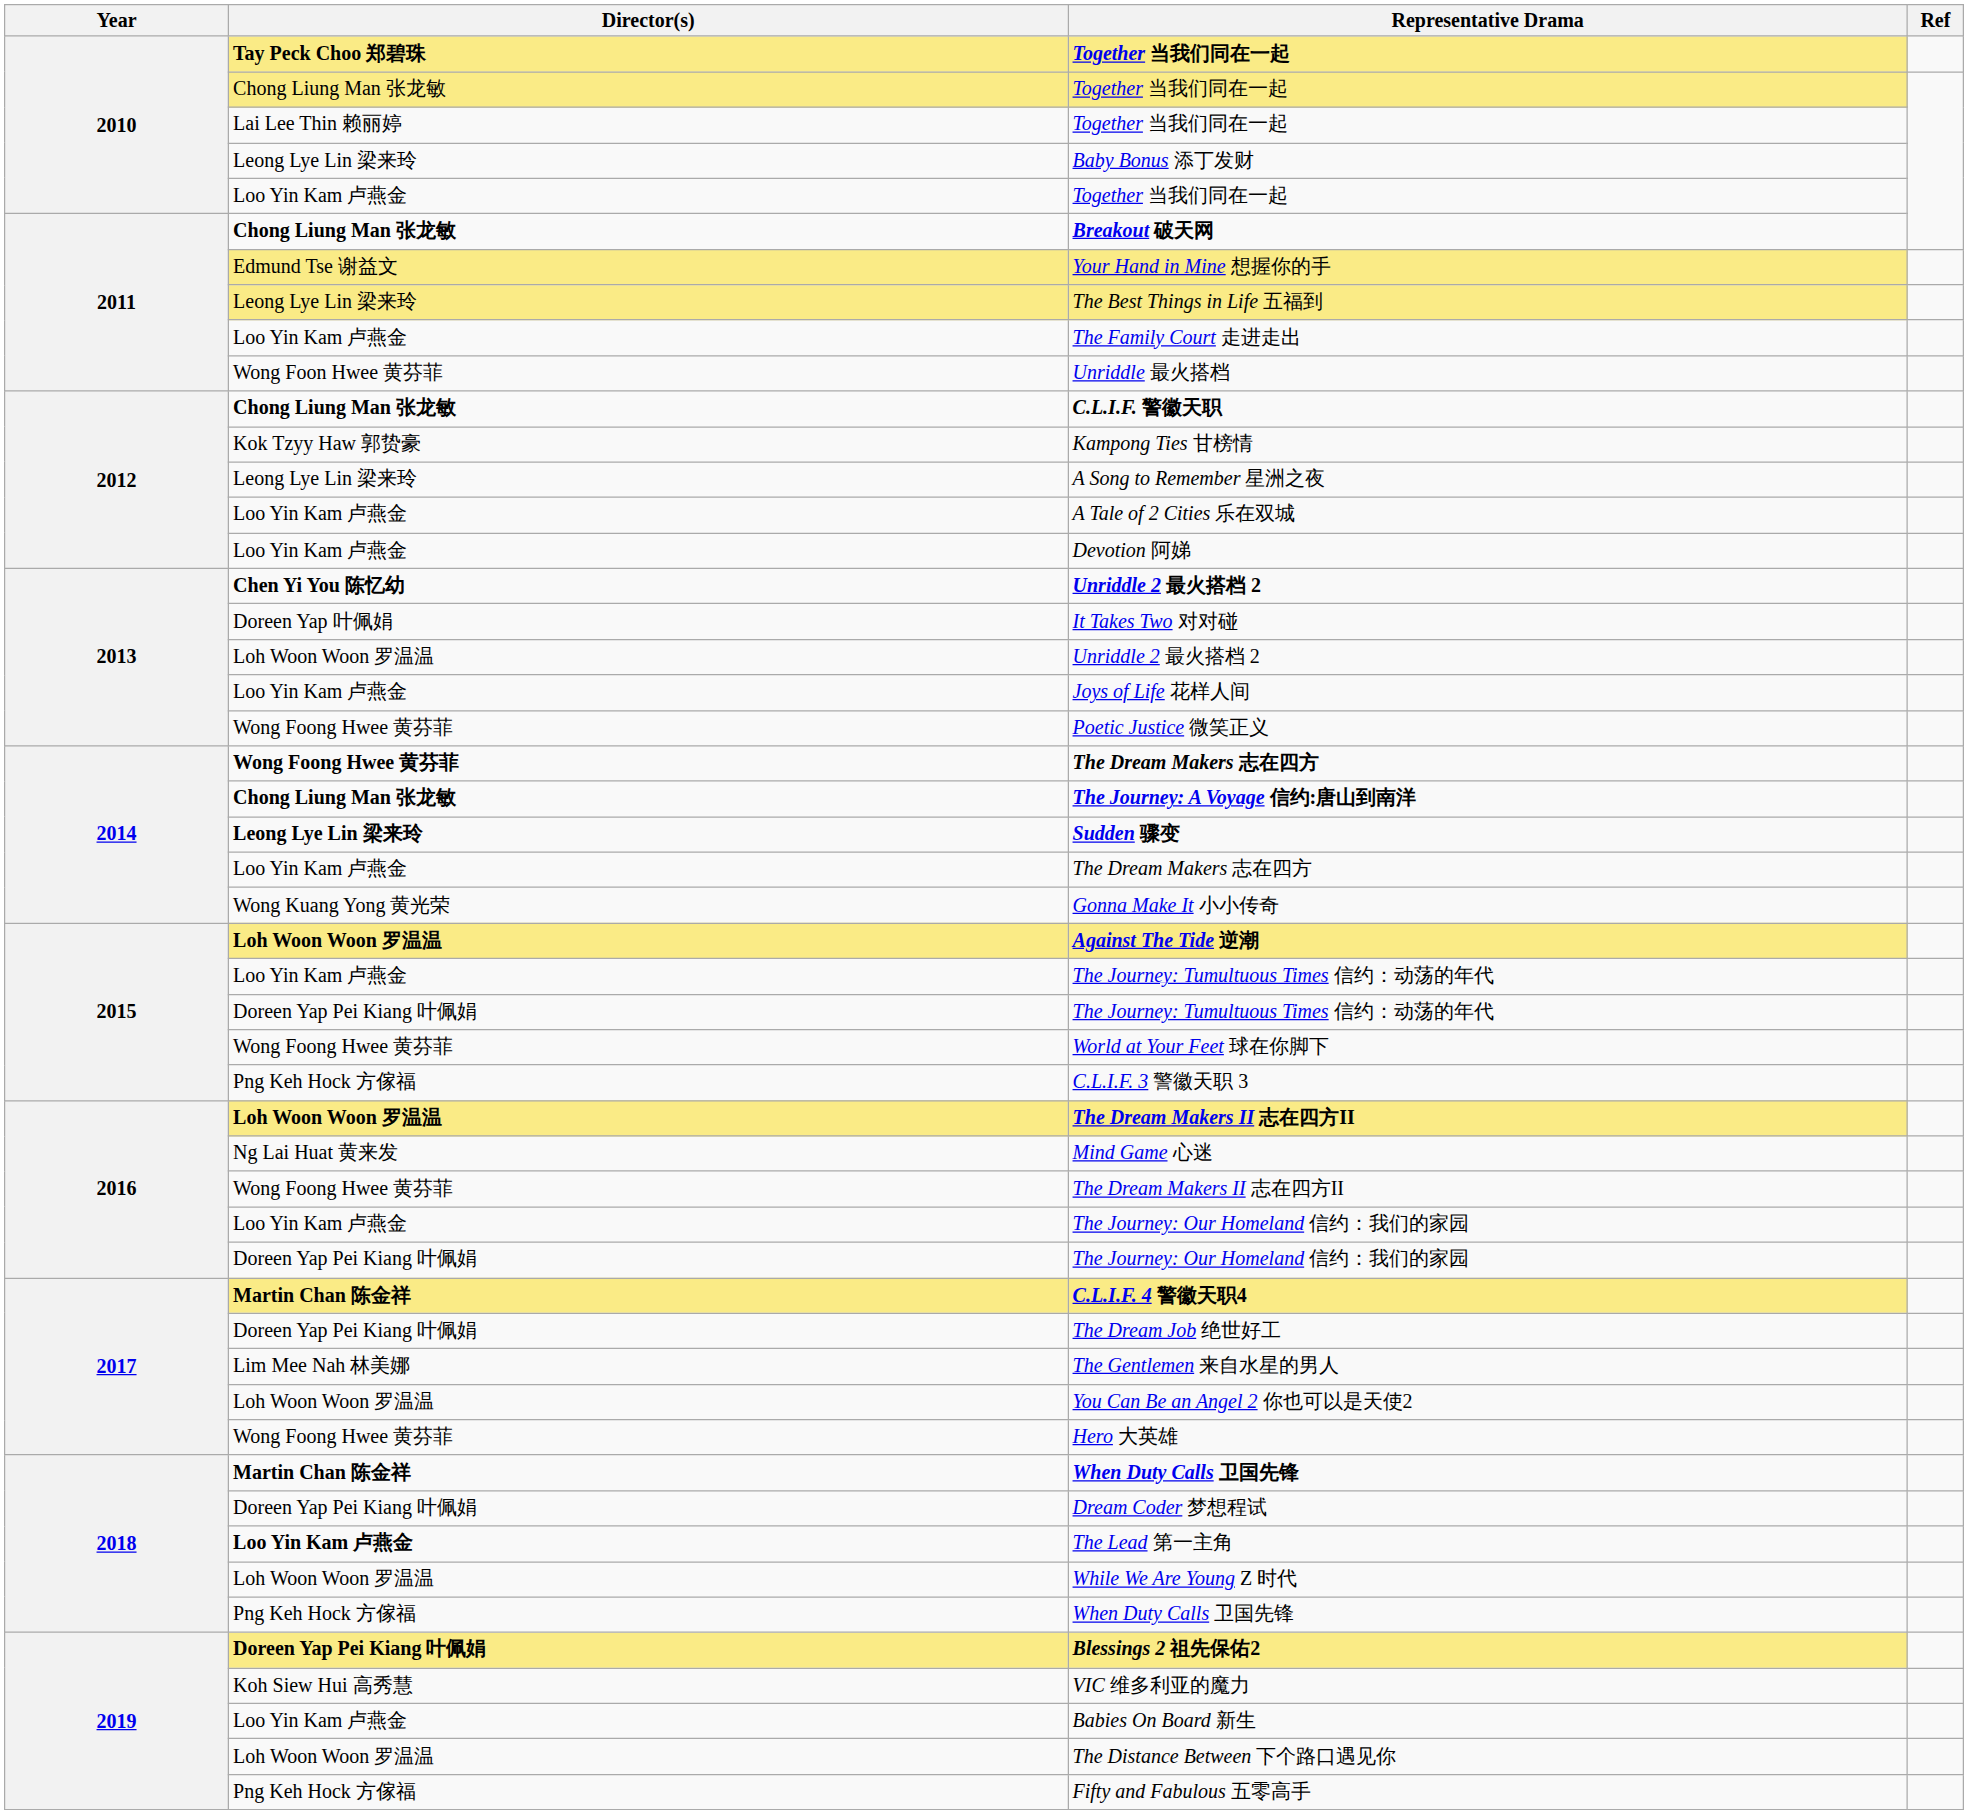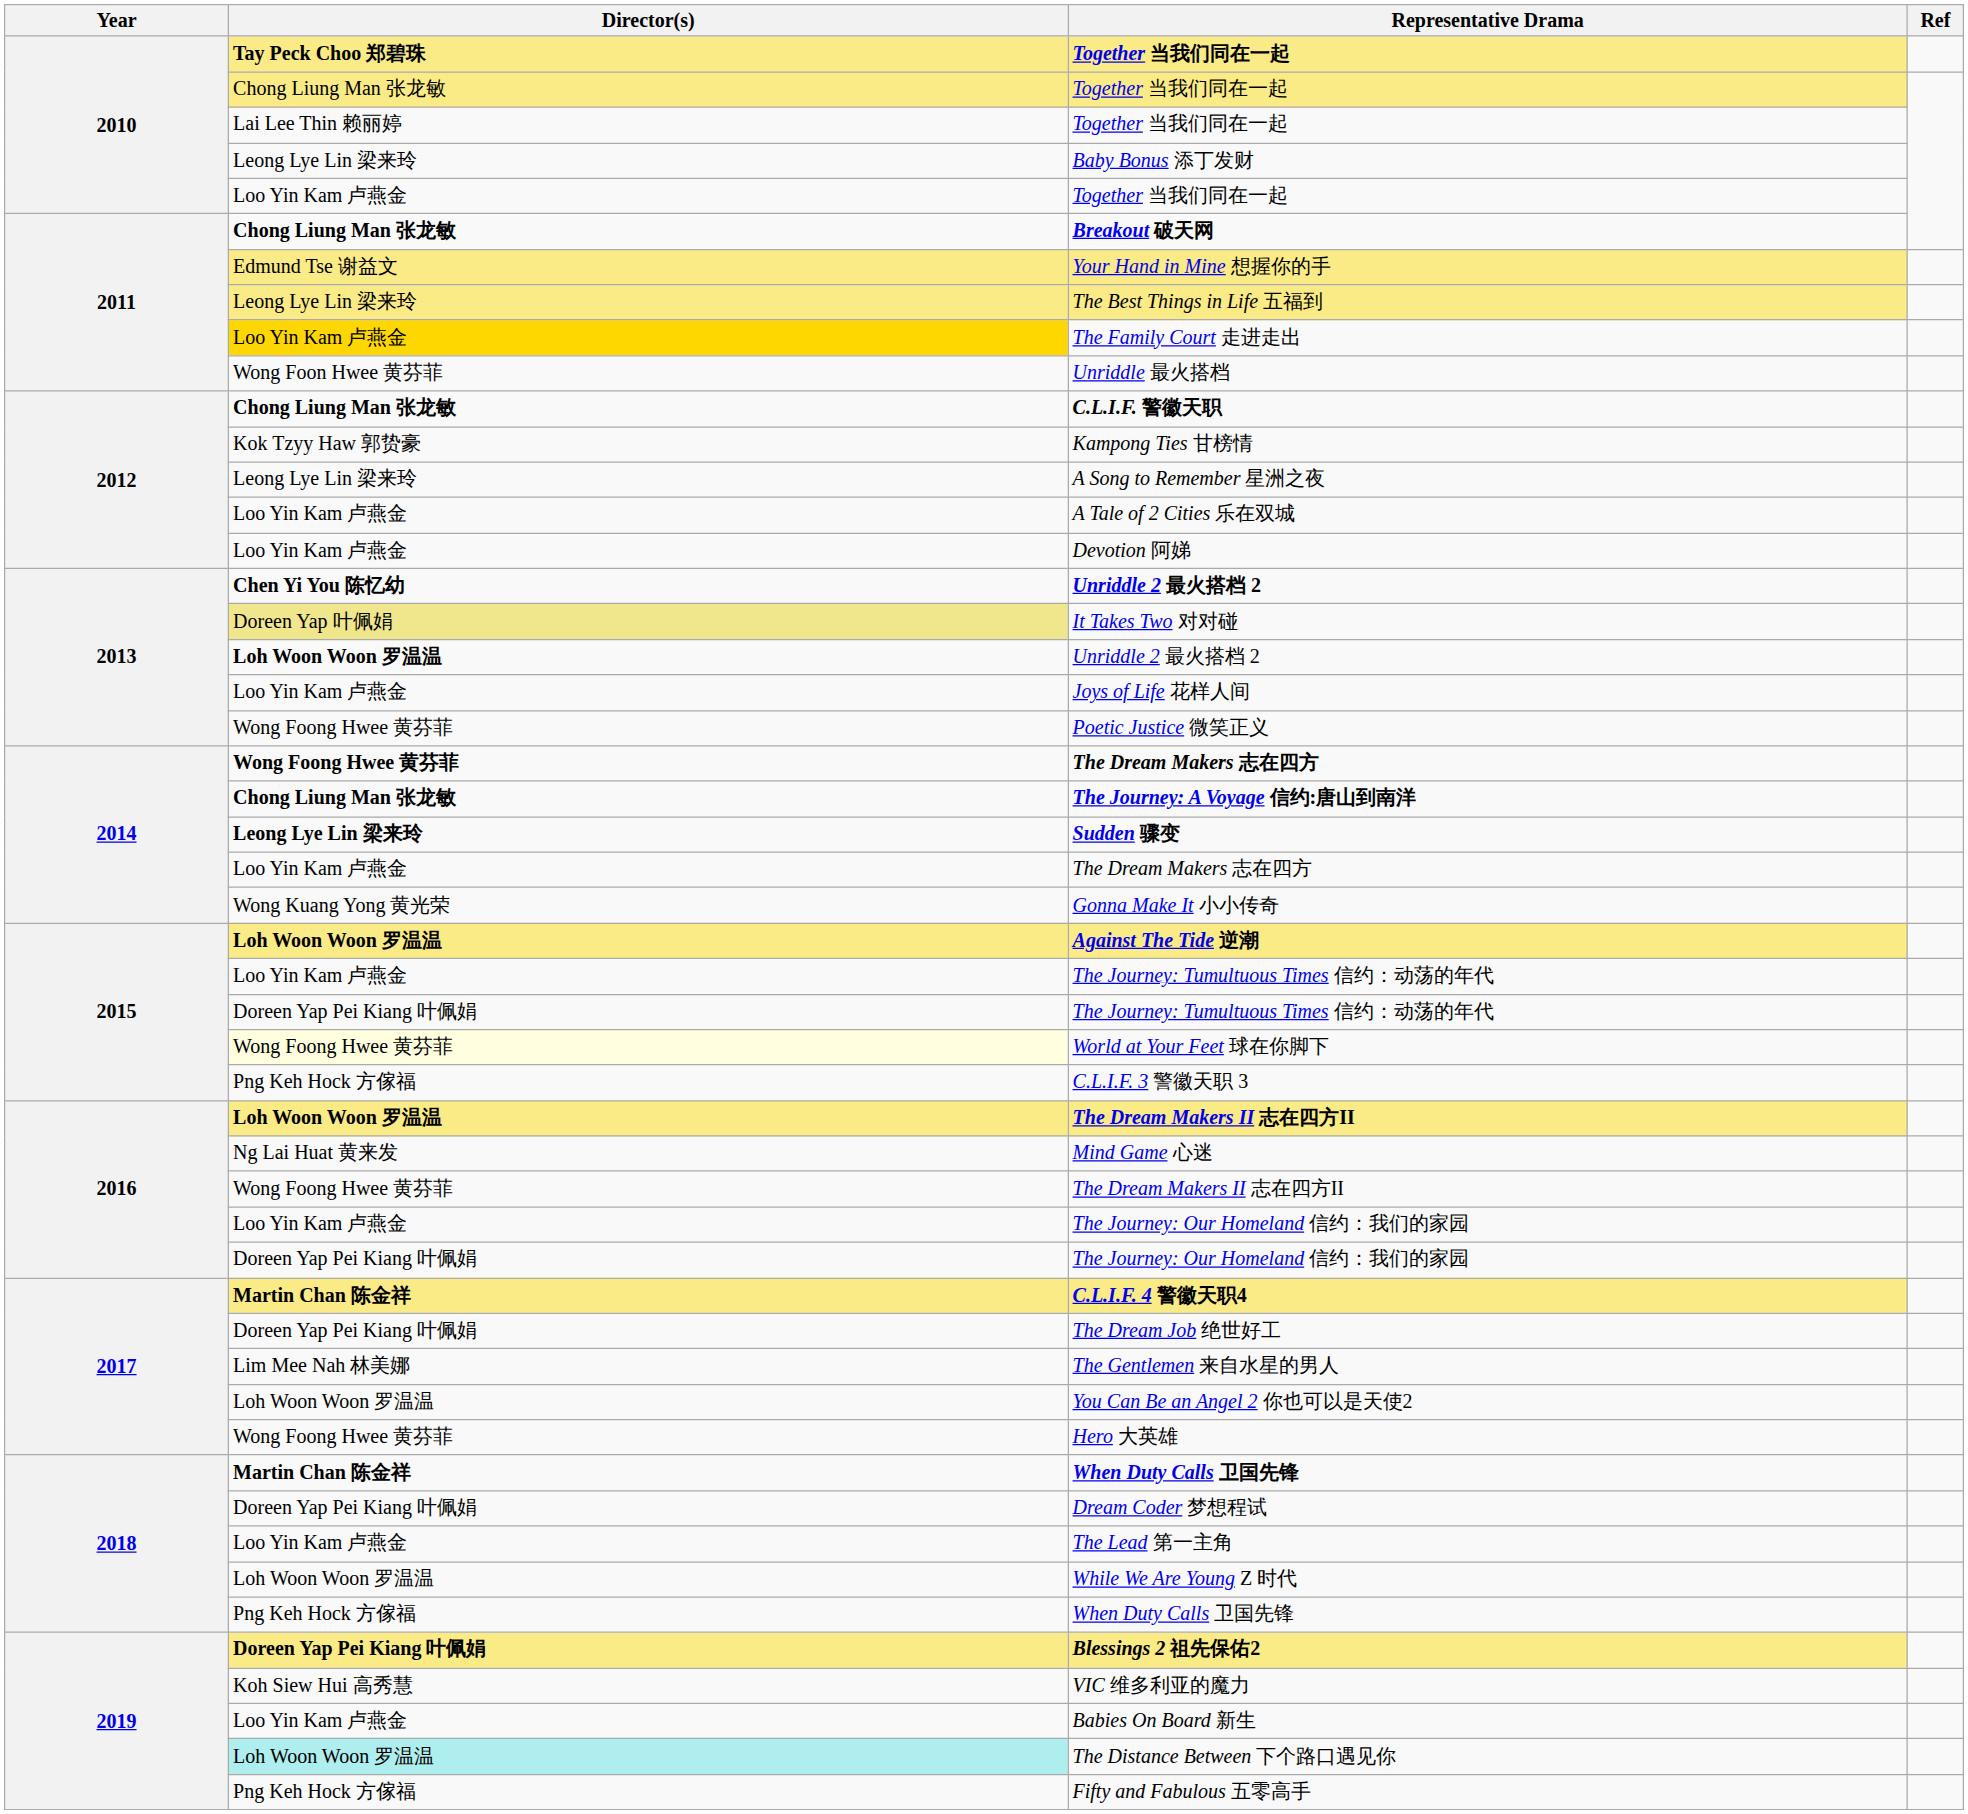 <table class="wikitable sortable">
 <tr>
 <th scope="col" style="width:8%;">Year</th>
 <th scope="col" style="width:30%;">Director(s)</th>
 <th scope="col" style="width:30%;">Representative Drama</th>
 <th scope="col" style="width:2%;" class="unsortable">Ref</th>
 </tr>
 <tr>
 <th rowspan="5" scope="row" style="text-align:center;">2010</th>
 <td style="background:#FAEB86;"><strong>Tay Peck Choo 郑碧珠</strong></td>
 <td style="background:#FAEB86;"><strong><em><a href='#'>Together</a></em></strong> <strong>当我们同在一起</strong></td>
 <td></td>
 </tr>
 <tr>
 <td style="background:#FAEB86;">Chong Liung Man 张龙敏</td>
 <td style="background:#FAEB86;"><em><a href='#'>Together</a></em> 当我们同在一起</td>
 <td rowspan="5"></td>
 </tr>
 <tr>
 <td>Lai Lee Thin 赖丽婷</td>
 <td><em><a href='#'>Together</a></em> 当我们同在一起</td>
 </tr>
 <tr>
 <td>Leong Lye Lin 梁来玲</td>
 <td><em><a href='#'>Baby Bonus</a></em> 添丁发财</td>
 </tr>
 <tr>
 <td>Loo Yin Kam 卢燕金</td>
 <td><em><a href='#'>Together</a></em> 当我们同在一起</td>
 </tr>
 <tr>
 <th rowspan="5">2011</th>
 <td><strong>Chong Liung Man 张龙敏</strong></td>
 <td><strong><em><a href='#'>Breakout</a></em></strong> <strong>破天网</strong></td>
 </tr>
 <tr>
 <td style="background:#FAEB86;">Edmund Tse 谢益文</td>
 <td style="background:#FAEB86;"><em><a href='#'>Your Hand in Mine</a></em> 想握你的手</td>
 <td></td>
 </tr>
 <tr>
 <td style="background:#FAEB86;">Leong Lye Lin 梁来玲</td>
 <td style="background:#FAEB86;"><em>The Best Things in Life</em> 五福到</td>
 <td></td>
 </tr>
 <tr>
-<td>Loo Yin Kam 卢燕金</td>
+<td style="background: gold;">Loo Yin Kam 卢燕金</td>
 <td><em><a href='#'>The Family Court</a></em> 走进走出</td>
 <td></td>
 </tr>
 <tr>
 <td>Wong Foon Hwee 黄芬菲</td>
 <td><em><a href='#'>Unriddle</a></em> 最火搭档</td>
 <td></td>
 </tr>
 <tr>
 <th rowspan="5">2012</th>
 <td><strong>Chong Liung Man 张龙敏</strong></td>
 <td><strong><em>C.L.I.F.</em></strong> <strong>警徽天职</strong></td>
 <td></td>
 </tr>
 <tr>
 <td>Kok Tzyy Haw 郭贽豪</td>
 <td><em>Kampong Ties</em> 甘榜情</td>
 <td></td>
 </tr>
 <tr>
 <td>Leong Lye Lin 梁来玲</td>
 <td><em> A Song to Remember</em> 星洲之夜</td>
 <td></td>
 </tr>
 <tr>
 <td>Loo Yin Kam 卢燕金</td>
 <td><em>A Tale of 2 Cities</em> 乐在双城</td>
 <td></td>
 </tr>
 <tr>
 <td>Loo Yin Kam 卢燕金</td>
 <td><em>Devotion</em> 阿娣</td>
 <td></td>
 </tr>
 <tr>
 <th rowspan="5">2013</th>
 <td><strong>Chen Yi You 陈忆幼</strong></td>
 <td><strong><em> <a href='#'>Unriddle 2</a></em></strong> <strong>最火搭档 2</strong></td>
 <td></td>
 </tr>
 <tr>
-<td>Doreen Yap 叶佩娟</td>
+<td style="background: khaki;">Doreen Yap 叶佩娟</td>
 <td><em><a href='#'>It Takes Two</a></em> 对对碰</td>
 <td></td>
 </tr>
 <tr>
-<td>Loh Woon Woon 罗温温</td>
+<td><strong>Loh Woon Woon 罗温温</strong></td>
 <td><em><a href='#'>Unriddle 2</a></em> 最火搭档 2</td>
 <td></td>
 </tr>
 <tr>
 <td>Loo Yin Kam 卢燕金</td>
 <td><em><a href='#'>Joys of Life</a></em> 花样人间</td>
 <td></td>
 </tr>
 <tr>
 <td>Wong Foong Hwee 黄芬菲</td>
 <td><em><a href='#'>Poetic Justice</a></em> 微笑正义</td>
 <td></td>
 </tr>
 <tr>
 <th rowspan="5"><a href='#'>2014</a></th>
 <td><strong>Wong Foong Hwee 黄芬菲</strong></td>
 <td><strong><em> The Dream Makers</em></strong> <strong>志在四方</strong></td>
 <td></td>
 </tr>
 <tr>
 <td><strong>Chong Liung Man 张龙敏</strong></td>
 <td><strong><em><a href='#'>The Journey: A Voyage</a></em></strong> <strong>信约:唐山到南洋</strong></td>
 <td></td>
 </tr>
 <tr>
 <td><strong>Leong Lye Lin 梁来玲 </strong></td>
 <td><strong><em><a href='#'>Sudden</a></em></strong> <strong>骤变</strong></td>
 <td></td>
 </tr>
 <tr>
 <td>Loo Yin Kam 卢燕金</td>
 <td><em>The Dream Makers</em> 志在四方</td>
 <td></td>
 </tr>
 <tr>
 <td>Wong Kuang Yong 黄光荣</td>
 <td><em><a href='#'>Gonna Make It</a></em> 小小传奇</td>
 <td></td>
 </tr>
 <tr>
 <th rowspan="5">2015</th>
 <td style="background:#FAEB86;"><strong>Loh Woon Woon 罗温温</strong></td>
 <td style="background:#FAEB86;"><strong><em> <a href='#'>Against The Tide</a></em></strong> <strong>逆潮</strong></td>
 <td></td>
 </tr>
 <tr>
 <td>Loo Yin Kam 卢燕金</td>
 <td><em><a href='#'>The Journey: Tumultuous Times</a> </em> 信约：动荡的年代</td>
 <td></td>
 </tr>
 <tr>
 <td>Doreen Yap Pei Kiang 叶佩娟</td>
 <td><em><a href='#'>The Journey: Tumultuous Times</a> </em> 信约：动荡的年代</td>
 <td></td>
 </tr>
 <tr>
-<td>Wong Foong Hwee 黄芬菲</td>
+<td style="background: lightyellow;">Wong Foong Hwee 黄芬菲</td>
 <td><em><a href='#'>World at Your Feet</a></em>  球在你脚下</td>
 <td></td>
 </tr>
 <tr>
 <td>Png Keh Hock  方傢福</td>
 <td><em><a href='#'>C.L.I.F. 3</a> </em> 警徽天职 3</td>
 <td></td>
 </tr>
 <tr>
 <th rowspan="5">2016</th>
 <td style="background:#FAEB86;"><strong>Loh Woon Woon 罗温温</strong></td>
 <td style="background:#FAEB86;"><strong><em> <a href='#'>The Dream Makers II</a></em></strong> <strong>志在四方II</strong></td>
 <td></td>
 </tr>
 <tr>
 <td>Ng Lai Huat 黄来发</td>
 <td><em><a href='#'>Mind Game</a></em> 心迷</td>
 <td></td>
 </tr>
 <tr>
 <td>Wong Foong Hwee 黄芬菲</td>
 <td><em><a href='#'>The Dream Makers II</a></em> 志在四方II</td>
 <td></td>
 </tr>
 <tr>
 <td>Loo Yin Kam 卢燕金</td>
 <td><em><a href='#'>The Journey: Our Homeland</a></em> 信约：我们的家园</td>
 <td></td>
 </tr>
 <tr>
 <td>Doreen Yap Pei Kiang 叶佩娟</td>
 <td><em><a href='#'>The Journey: Our Homeland</a></em> 信约：我们的家园</td>
 <td></td>
 </tr>
 <tr>
 <th rowspan="5"><a href='#'>2017</a></th>
 <td style="background:#FAEB86;"><strong>Martin Chan 陈金祥</strong></td>
 <td style="background:#FAEB86;"><strong><em> <a href='#'>C.L.I.F. 4</a></em></strong> <strong>警徽天职4</strong></td>
 <td></td>
 </tr>
 <tr>
 <td>Doreen Yap Pei Kiang 叶佩娟</td>
 <td><em><a href='#'>The Dream Job</a></em> 绝世好工</td>
 <td></td>
 </tr>
 <tr>
 <td>Lim Mee Nah 林美娜</td>
 <td><em><a href='#'>The Gentlemen</a></em> 来自水星的男人</td>
 <td></td>
 </tr>
 <tr>
 <td>Loh Woon Woon 罗温温</td>
 <td><em><a href='#'>You Can Be an Angel 2</a></em> 你也可以是天使2</td>
 <td></td>
 </tr>
 <tr>
 <td>Wong Foong Hwee 黄芬菲</td>
 <td><em><a href='#'>Hero</a></em> 大英雄</td>
 <td></td>
 </tr>
 <tr>
 <th rowspan="5"><a href='#'>2018</a></th>
 <td><strong>Martin Chan 陈金祥</strong></td>
 <td><strong><em><a href='#'>When Duty Calls</a></em></strong> <strong>卫国先锋</strong></td>
 <td></td>
 </tr>
 <tr>
 <td>Doreen Yap Pei Kiang 叶佩娟</td>
 <td><em><a href='#'>Dream Coder</a></em> 梦想程试</td>
 <td></td>
 </tr>
 <tr>
-<td><strong>Loo Yin Kam 卢燕金</strong></td>
+<td>Loo Yin Kam 卢燕金</td>
 <td><em><a href='#'>The Lead</a></em> 第一主角</td>
 <td></td>
 </tr>
 <tr>
 <td>Loh Woon Woon 罗温温</td>
 <td><em><a href='#'>While We Are Young</a></em> Z 时代</td>
 <td></td>
 </tr>
 <tr>
 <td>Png Keh Hock 方傢福</td>
 <td><em><a href='#'>When Duty Calls</a></em> 卫国先锋</td>
 <td></td>
 </tr>
 <tr>
 <th rowspan="5"><a href='#'>2019</a></th>
 <td style="background:#FAEB86;"><strong>Doreen Yap Pei Kiang 叶佩娟</strong></td>
 <td style="background:#FAEB86;"><strong><em>Blessings 2</em></strong> <strong>祖先保佑2</strong></td>
 <td></td>
 </tr>
 <tr>
 <td>Koh Siew Hui 高秀慧</td>
 <td><em>VIC</em> 维多利亚的魔力</td>
 <td></td>
 </tr>
 <tr>
 <td>Loo Yin Kam 卢燕金</td>
 <td><em> Babies On Board</em> 新生</td>
 <td></td>
 </tr>
 <tr>
-<td>Loh Woon Woon 罗温温</td>
+<td style="background: paleturquoise;">Loh Woon Woon 罗温温</td>
 <td><em>The Distance Between</em> 下个路口遇见你</td>
 <td></td>
 </tr>
 <tr>
 <td>Png Keh Hock 方傢福</td>
 <td><em>Fifty and Fabulous</em> 五零高手</td>
 <td></td>
 </tr>
 </table>
